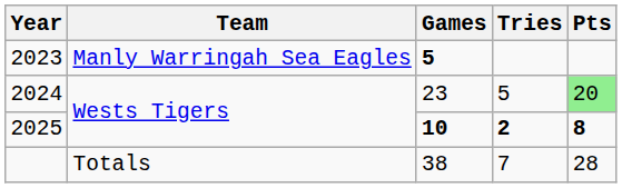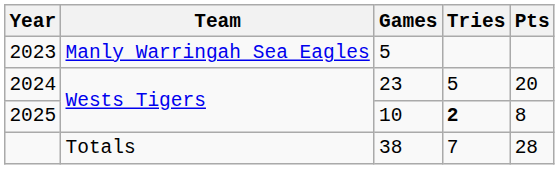 <table class="wikitable">
 <tr>
 <th>Year</th>
 <th>Team</th>
 <th>Games</th>
 <th>Tries</th>
 <th>Pts</th>
 </tr>
 <tr>
 <td>2023</td>
 <td> <a href='#'>Manly Warringah Sea Eagles</a></td>
-<td><strong>5</strong></td>
+<td>5</td>
 <td></td>
 <td></td>
 </tr>
 <tr>
 <td>2024</td>
 <td rowspan="2"> <a href='#'>Wests Tigers</a></td>
 <td>23</td>
 <td>5</td>
-<td style="background: lightgreen;">20</td>
+<td>20</td>
 </tr>
 <tr>
 <td>2025</td>
-<td><strong>10</strong></td>
+<td>10</td>
 <td><strong>2</strong></td>
-<td><strong>8</strong></td>
+<td>8</td>
 </tr>
 <tr>
 <td></td>
 <td>Totals</td>
 <td>38</td>
 <td>7</td>
 <td>28</td>
 </tr>
 </table>
